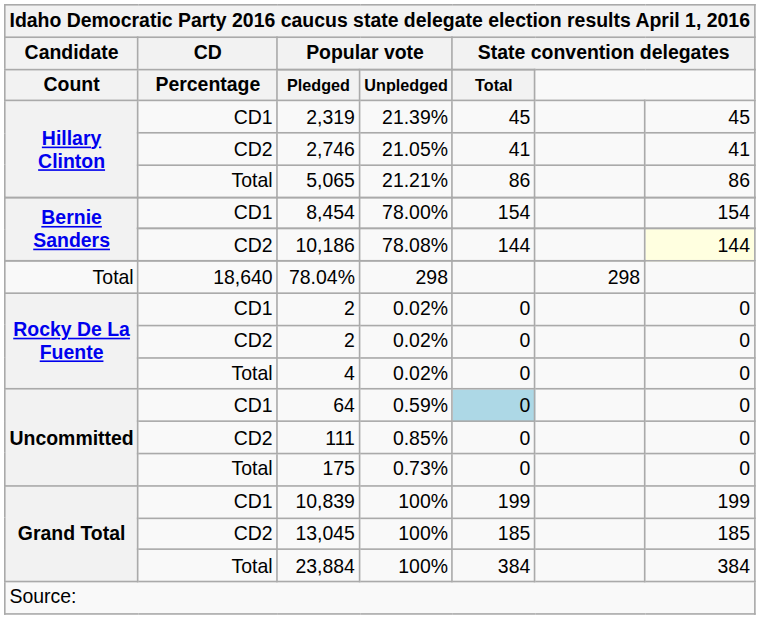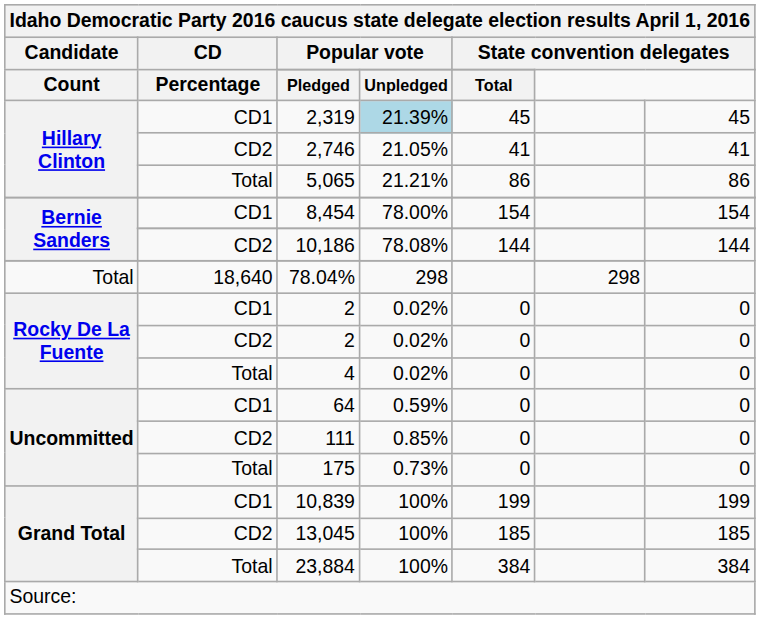 <table class="wikitable collapsible" cellpadding="5" style="text-align:right; font-size:12px;">
 <tr>
 <th colspan="7">Idaho Democratic Party 2016 caucus state delegate election results April 1, 2016</th>
 </tr>
 <tr>
 <th rowspan="2">Candidate</th>
 <th rowspan="2">CD</th>
 <th colspan="2">Popular vote</th>
 <th colspan="3">State convention delegates</th>
 </tr>
 <tr>
 </tr>
 <tr>
 <th style="width:70px;">Count</th>
 <th style="width:80px;">Percentage</th>
 <th style="width:45px;"><small>Pledged</small></th>
 <th style="width:45px;"><small>Unpledged</small></th>
 <th style="width:45px;"><small>Total</small></th>
 </tr>
 <tr>
 <th rowspan="3"><a href='#'>Hillary Clinton</a></th>
 <td>CD1</td>
 <td>2,319</td>
-<td>21.39%</td>
+<td style="background: lightblue;">21.39%</td>
 <td>45</td>
 <td></td>
 <td>45</td>
 </tr>
 <tr>
 <td>CD2</td>
 <td>2,746</td>
 <td>21.05%</td>
 <td>41</td>
 <td></td>
 <td>41</td>
 </tr>
 <tr>
 <td>Total</td>
 <td>5,065</td>
 <td>21.21%</td>
 <td>86</td>
 <td></td>
 <td>86</td>
 </tr>
 <tr>
 </tr>
 <tr>
 <th rowspan="3"><a href='#'>Bernie Sanders</a></th>
 <td>CD1</td>
 <td>8,454</td>
 <td>78.00%</td>
 <td>154</td>
 <td></td>
 <td>154</td>
 </tr>
 <tr>
 </tr>
 <tr>
 <td>CD2</td>
 <td>10,186</td>
 <td>78.08%</td>
 <td>144</td>
 <td></td>
-<td style="background: lightyellow;">144</td>
+<td>144</td>
 </tr>
 <tr>
 </tr>
 <tr>
 <td>Total</td>
 <td>18,640</td>
 <td>78.04%</td>
 <td>298</td>
 <td></td>
 <td>298</td>
 </tr>
 <tr>
 <th rowspan="3"><a href='#'>Rocky De La Fuente</a></th>
 <td>CD1</td>
 <td>2</td>
 <td>0.02%</td>
 <td>0</td>
 <td></td>
 <td>0</td>
 </tr>
 <tr>
 <td>CD2</td>
 <td>2</td>
 <td>0.02%</td>
 <td>0</td>
 <td></td>
 <td>0</td>
 </tr>
 <tr>
 <td>Total</td>
 <td>4</td>
 <td>0.02%</td>
 <td>0</td>
 <td></td>
 <td>0</td>
 </tr>
 <tr>
 <th rowspan="3">Uncommitted</th>
 <td>CD1</td>
 <td>64</td>
 <td>0.59%</td>
-<td style="background: lightblue;">0</td>
+<td>0</td>
 <td></td>
 <td>0</td>
 </tr>
 <tr>
 <td>CD2</td>
 <td>111</td>
 <td>0.85%</td>
 <td>0</td>
 <td></td>
 <td>0</td>
 </tr>
 <tr>
 <td>Total</td>
 <td>175</td>
 <td>0.73%</td>
 <td>0</td>
 <td></td>
 <td>0</td>
 </tr>
 <tr>
 <th rowspan="3">Grand Total</th>
 <td>CD1</td>
 <td>10,839</td>
 <td>100%</td>
 <td>199</td>
 <td></td>
 <td>199</td>
 </tr>
 <tr>
 <td>CD2</td>
 <td>13,045</td>
 <td>100%</td>
 <td>185</td>
 <td></td>
 <td>185</td>
 </tr>
 <tr>
 <td>Total</td>
 <td>23,884</td>
 <td>100%</td>
 <td>384</td>
 <td></td>
 <td>384</td>
 </tr>
 <tr>
 <td colspan="7" style="text-align:left;">Source: <em></em></td>
 </tr>
 </table>
